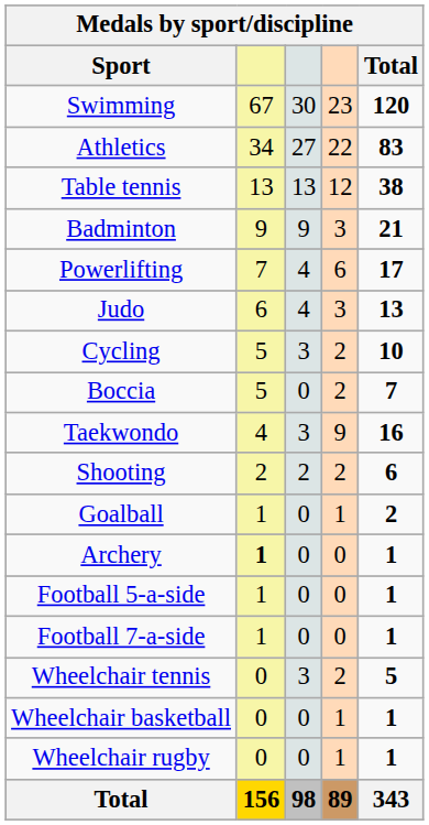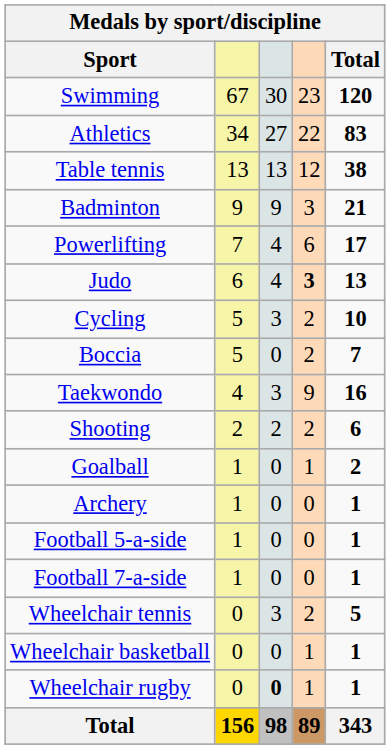 <table class="wikitable" style=font-size:85%;float:right;text-align:center>
 <tr>
 <th colspan=5>Medals by sport/discipline</th>
 </tr>
 <tr>
 <th>Sport</th>
 <td bgcolor=F7F6A8></td>
 <td bgcolor=DCE5E5></td>
 <td bgcolor=FFDAB9></td>
 <th>Total</th>
 </tr>
 <tr align=center>
 <td><a href='#'>Swimming</a></td>
 <td style="background:#F7F6A8;">67</td>
 <td style="background:#DCE5E5;">30</td>
 <td style="background:#FFDAB9;">23</td>
 <td><strong>120</strong></td>
 </tr>
 <tr align=center>
 <td><a href='#'>Athletics</a></td>
 <td style="background:#F7F6A8;">34</td>
 <td style="background:#DCE5E5;">27</td>
 <td style="background:#FFDAB9;">22</td>
 <td><strong>83</strong></td>
 </tr>
 <tr align=center>
 <td><a href='#'>Table tennis</a></td>
 <td style="background:#F7F6A8;">13</td>
 <td style="background:#DCE5E5;">13</td>
 <td style="background:#FFDAB9;">12</td>
 <td><strong>38</strong></td>
 </tr>
 <tr align=center>
 <td><a href='#'>Badminton</a></td>
 <td style="background:#F7F6A8;">9</td>
 <td style="background:#DCE5E5;">9</td>
 <td style="background:#FFDAB9;">3</td>
 <td><strong>21</strong></td>
 </tr>
 <tr align=center>
 <td><a href='#'>Powerlifting</a></td>
 <td style="background:#F7F6A8;">7</td>
 <td style="background:#DCE5E5;">4</td>
 <td style="background:#FFDAB9;">6</td>
 <td><strong>17</strong></td>
 </tr>
 <tr align=center>
 <td><a href='#'>Judo</a></td>
 <td style="background:#F7F6A8;">6</td>
 <td style="background:#DCE5E5;">4</td>
-<td style="background:#FFDAB9;">3</td>
+<td style="background:#FFDAB9;"><strong>3</strong></td>
 <td><strong>13</strong></td>
 </tr>
 <tr align=center>
 <td><a href='#'>Cycling</a></td>
 <td style="background:#F7F6A8;">5</td>
 <td style="background:#DCE5E5;">3</td>
 <td style="background:#FFDAB9;">2</td>
 <td><strong>10</strong></td>
 </tr>
 <tr align=center>
 <td><a href='#'>Boccia</a></td>
 <td style="background:#F7F6A8;">5</td>
 <td style="background:#DCE5E5;">0</td>
 <td style="background:#FFDAB9;">2</td>
 <td><strong>7</strong></td>
 </tr>
 <tr align=center>
 <td><a href='#'>Taekwondo</a></td>
 <td style="background:#F7F6A8;">4</td>
 <td style="background:#DCE5E5;">3</td>
 <td style="background:#FFDAB9;">9</td>
 <td><strong>16</strong></td>
 </tr>
 <tr align=center>
 <td><a href='#'>Shooting</a></td>
 <td style="background:#F7F6A8;">2</td>
 <td style="background:#DCE5E5;">2</td>
 <td style="background:#FFDAB9;">2</td>
 <td><strong>6</strong></td>
 </tr>
 <tr align=center>
 <td><a href='#'>Goalball</a></td>
 <td style="background:#F7F6A8;">1</td>
 <td style="background:#DCE5E5;">0</td>
 <td style="background:#FFDAB9;">1</td>
 <td><strong>2</strong></td>
 </tr>
 <tr align=center>
 <td><a href='#'>Archery</a></td>
-<td style="background:#F7F6A8;"><strong>1</strong></td>
+<td style="background:#F7F6A8;">1</td>
 <td style="background:#DCE5E5;">0</td>
 <td style="background:#FFDAB9;">0</td>
 <td><strong>1</strong></td>
 </tr>
 <tr align=center>
 <td><a href='#'>Football 5-a-side</a></td>
 <td style="background:#F7F6A8;">1</td>
 <td style="background:#DCE5E5;">0</td>
 <td style="background:#FFDAB9;">0</td>
 <td><strong>1</strong></td>
 </tr>
 <tr align=center>
 <td><a href='#'>Football 7-a-side</a></td>
 <td style="background:#F7F6A8;">1</td>
 <td style="background:#DCE5E5;">0</td>
 <td style="background:#FFDAB9;">0</td>
 <td><strong>1</strong></td>
 </tr>
 <tr align=center>
 <td><a href='#'>Wheelchair tennis</a></td>
 <td style="background:#F7F6A8;">0</td>
 <td style="background:#DCE5E5;">3</td>
 <td style="background:#FFDAB9;">2</td>
 <td><strong>5</strong></td>
 </tr>
 <tr align=center>
 <td nowrap><a href='#'>Wheelchair basketball</a></td>
 <td style="background:#F7F6A8;">0</td>
 <td style="background:#DCE5E5;">0</td>
 <td style="background:#FFDAB9;">1</td>
 <td><strong>1</strong></td>
 </tr>
 <tr align=center>
 <td><a href='#'>Wheelchair rugby</a></td>
 <td style="background:#F7F6A8;">0</td>
-<td style="background:#DCE5E5;">0</td>
+<td style="background:#DCE5E5;"><strong>0</strong></td>
 <td style="background:#FFDAB9;">1</td>
 <td><strong>1</strong></td>
 </tr>
 <tr align=center>
 <th><strong>Total</strong></th>
 <th style="background:gold;"><strong>156</strong></th>
 <th style="background:silver;"><strong>98</strong></th>
 <th style="background:#c96;"><strong>89</strong></th>
 <th><strong>343</strong></th>
 </tr>
 </table>
